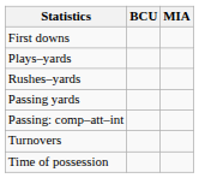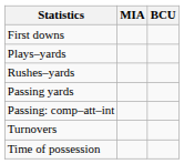 <table class="wikitable" style="float:left">
 <tr>
 <th>Statistics</th>
+<th>MIA</th>
 <th>BCU</th>
-<th>MIA</th>
 </tr>
 <tr>
 <td>First downs</td>
 <td></td>
 <td></td>
 </tr>
 <tr>
 <td>Plays–yards</td>
 <td></td>
 <td></td>
 </tr>
 <tr>
 <td>Rushes–yards</td>
 <td></td>
 <td></td>
 </tr>
 <tr>
 <td>Passing yards</td>
 <td></td>
 <td></td>
 </tr>
 <tr>
 <td>Passing: comp–att–int</td>
 <td></td>
 <td></td>
 </tr>
 <tr>
 <td>Turnovers</td>
 <td></td>
 <td></td>
 </tr>
 <tr>
 <td>Time of possession</td>
 <td></td>
 <td></td>
 </tr>
 </table>
